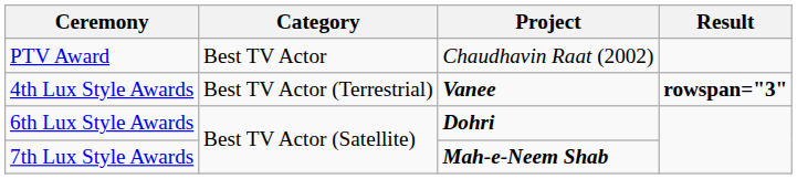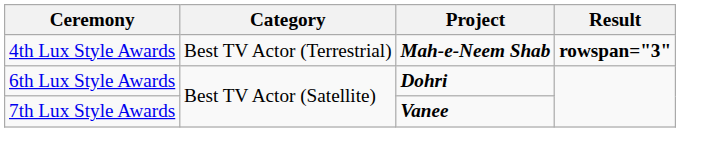 <table class="wikitable style">
 <tr>
 <th>Ceremony</th>
 <th>Category</th>
 <th>Project</th>
 <th>Result</th>
 </tr>
 <tr>
-<td><a href='#'>PTV Award</a></td>
-<td>Best TV Actor</td>
-<td><em>Chaudhavin Raat</em> (2002)</td>
-<td></td>
-</tr>
-<tr>
 <td><a href='#'>4th Lux Style Awards</a></td>
 <td>Best TV Actor (Terrestrial)</td>
-<td><strong><em>Vanee</em></strong></td>
+<td><strong><em>Mah-e-Neem Shab</em></strong></td>
 <td><strong>rowspan="3" </strong></td>
 </tr>
 <tr>
 <td><a href='#'>6th Lux Style Awards</a></td>
 <td rowspan="2">Best TV Actor (Satellite)</td>
 <td><strong><em>Dohri</em></strong></td>
 </tr>
 <tr>
 <td><a href='#'>7th Lux Style Awards</a></td>
-<td><strong><em>Mah-e-Neem Shab</em></strong></td>
+<td><strong><em>Vanee</em></strong></td>
 </tr>
 </table>
